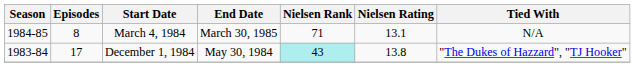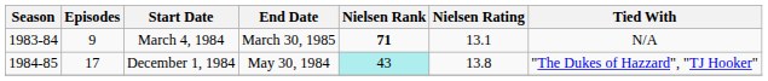 <table class="wikitable" style="text-align: center">
 <tr>
 <th>Season</th>
 <th>Episodes</th>
 <th>Start Date</th>
 <th>End Date</th>
 <th>Nielsen Rank</th>
 <th>Nielsen Rating</th>
 <th>Tied With</th>
 </tr>
 <tr>
-<td style="text-align:center">1984-85</td>
-<td style="text-align:center">8</td>
+<td style="text-align:center">1983-84</td>
+<td style="text-align:center">9</td>
 <td style="text-align:center">March 4, 1984</td>
 <td style="text-align:center">March 30, 1985</td>
-<td style="text-align:center:">71</td>
+<td style="text-align:center:"><strong>71</strong></td>
 <td style="text-align:center">13.1</td>
 <td style="text-align:center">N/A</td>
 </tr>
 <tr>
-<td style="text-align:center">1983-84</td>
+<td style="text-align:center">1984-85</td>
 <td style="text-align:center">17</td>
 <td style="text-align:center">December 1, 1984</td>
 <td style="text-align:center">May 30, 1984</td>
 <td style="background: paleturquoise; text-align:center:">43</td>
 <td style="text-align:center">13.8</td>
 <td style="text-align:center">"<a href='#'>The Dukes of Hazzard</a>", "<a href='#'>TJ Hooker</a>"</td>
 </tr>
 <tr>
 </tr>
 </table>
